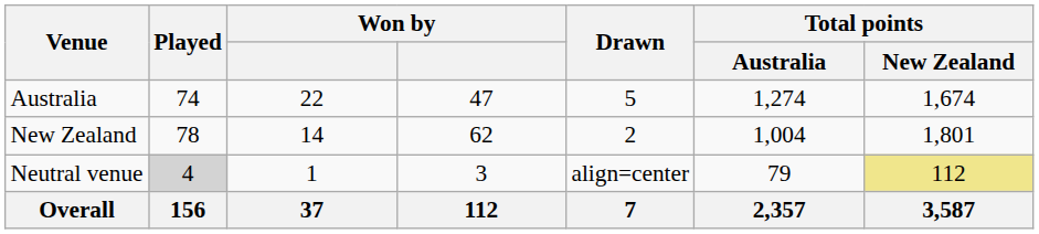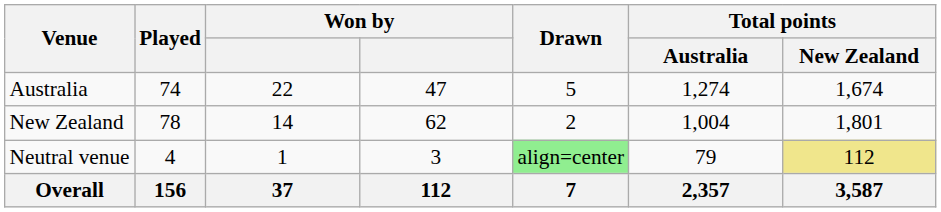 <table class="wikitable">
 <tr>
 <th rowspan=2>Venue</th>
 <th rowspan=2>Played</th>
 <th colspan=2>Won by</th>
 <th rowspan=2>Drawn</th>
 <th colspan=2>Total points</th>
 </tr>
 <tr>
 <th align=center width=108px></th>
 <th align=center width=108px></th>
 <th width=108px>Australia</th>
 <th width=108px>New Zealand</th>
 </tr>
 <tr>
 <td align=left> Australia</td>
 <td align=center>74</td>
 <td align=center>22</td>
 <td align=center>47</td>
 <td align=center>5</td>
 <td align=center>1,274</td>
 <td align=center>1,674</td>
 </tr>
 <tr>
 <td align=left> New Zealand</td>
 <td align=center>78</td>
 <td align=center>14</td>
 <td align=center>62</td>
 <td align=center>2</td>
 <td align=center>1,004</td>
 <td align=center>1,801</td>
 </tr>
 <tr>
 <td align=left>Neutral venue</td>
-<td align=center style="background: lightgrey;">4</td>
+<td align=center>4</td>
 <td align=center>1</td>
 <td align=center>3</td>
-<td>align=center </td>
+<td style="background: lightgreen;">align=center </td>
 <td align=center>79</td>
 <td align=center style="background: khaki;">112</td>
 </tr>
 <tr>
 <th>Overall</th>
 <th>156</th>
 <th>37</th>
 <th>112</th>
 <th>7</th>
 <th>2,357</th>
 <th>3,587</th>
 </tr>
 </table>
